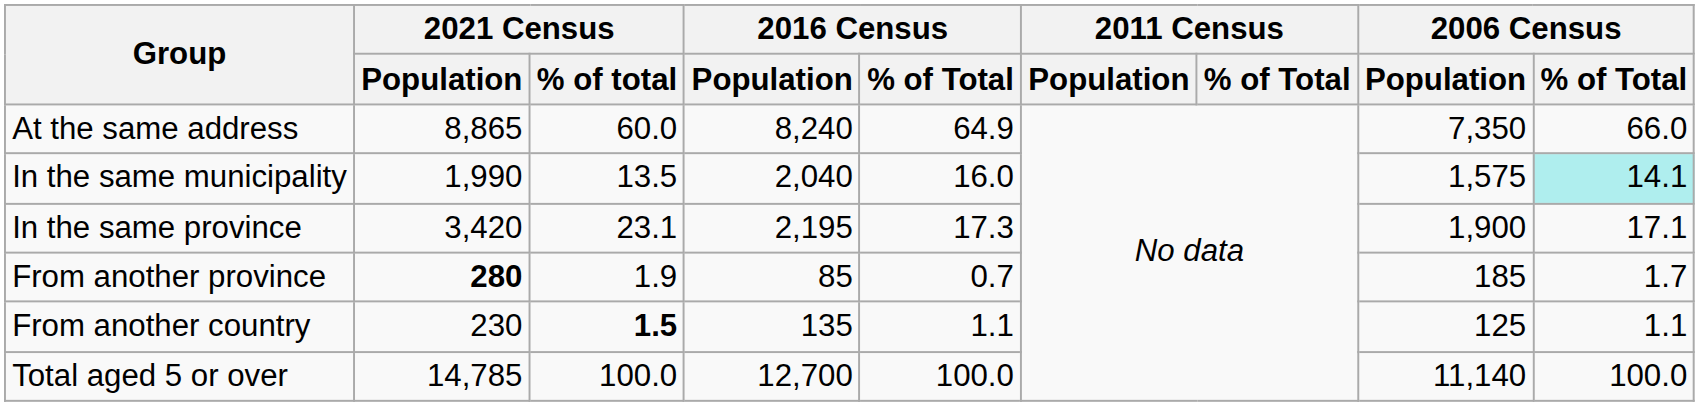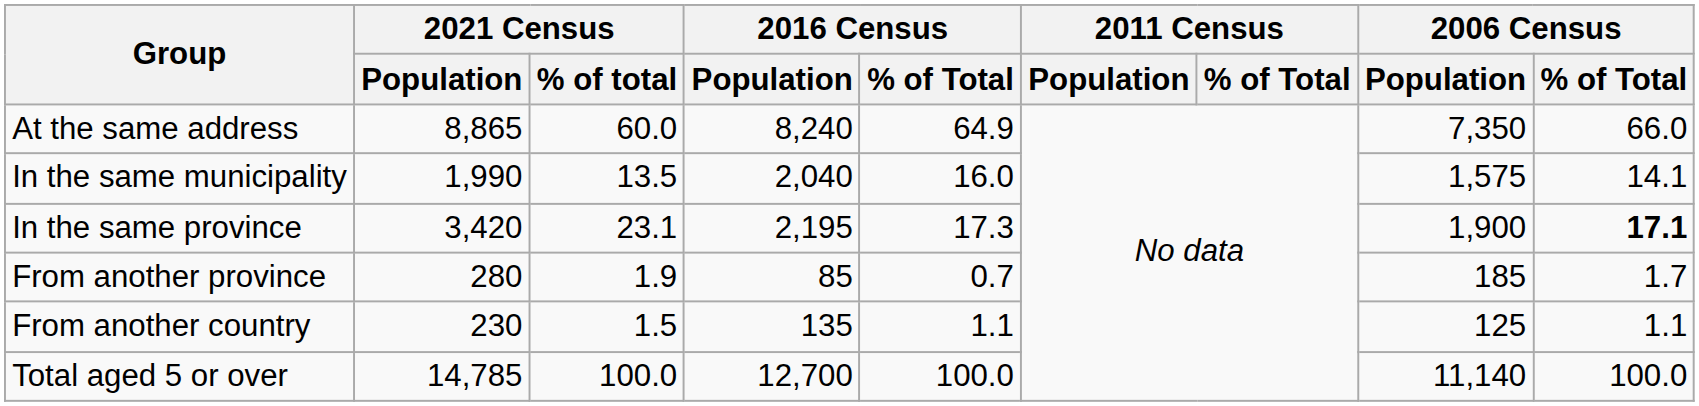 <table class="wikitable" style="text-align:right">
 <tr>
 <th rowspan=2>Group</th>
 <th colspan=2>2021 Census</th>
 <th colspan=2>2016 Census</th>
 <th colspan=2>2011 Census</th>
 <th colspan=2>2006 Census</th>
 </tr>
 <tr>
 <th>Population</th>
 <th>% of total</th>
 <th>Population</th>
 <th>% of Total</th>
 <th>Population</th>
 <th>% of Total</th>
 <th>Population</th>
 <th>% of Total</th>
 </tr>
 <tr>
 <td style="text-align:left">At the same address</td>
 <td>8,865</td>
 <td>60.0</td>
 <td>8,240</td>
 <td>64.9</td>
 <td colspan="2" rowspan="6" style="text-align:center"><em>No data</em></td>
 <td>7,350</td>
 <td>66.0</td>
 </tr>
 <tr>
 <td style="text-align:left">In the same municipality</td>
 <td>1,990</td>
 <td>13.5</td>
 <td>2,040</td>
 <td>16.0</td>
 <td>1,575</td>
-<td style="background: paleturquoise;">14.1</td>
+<td>14.1</td>
 </tr>
 <tr>
 <td style="text-align:left">In the same province</td>
 <td>3,420</td>
 <td>23.1</td>
 <td>2,195</td>
 <td>17.3</td>
 <td>1,900</td>
-<td>17.1</td>
+<td><strong>17.1</strong></td>
 </tr>
 <tr>
 <td style="text-align:left">From another province</td>
-<td><strong>280</strong></td>
+<td>280</td>
 <td>1.9</td>
 <td>85</td>
 <td>0.7</td>
 <td>185</td>
 <td>1.7</td>
 </tr>
 <tr>
 <td style="text-align:left">From another country</td>
 <td>230</td>
-<td><strong>1.5</strong></td>
+<td>1.5</td>
 <td>135</td>
 <td>1.1</td>
 <td>125</td>
 <td>1.1</td>
 </tr>
 <tr>
 <td style="text-align:left">Total aged 5 or over</td>
 <td>14,785</td>
 <td>100.0</td>
 <td>12,700</td>
 <td>100.0</td>
 <td>11,140</td>
 <td>100.0</td>
 </tr>
 </table>
